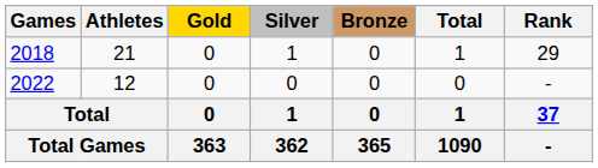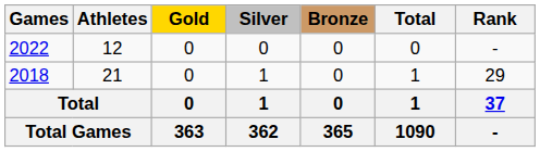 <table class="wikitable" style="text-align:center; font-size:90%;">
 <tr>
 <th>Games</th>
 <th>Athletes</th>
 <td style="background:gold; width:3.7em; font-weight:bold;">Gold</td>
 <td style="background:silver; width:3.7em; font-weight:bold;">Silver</td>
 <td style="background:#cc9966; width:3.7em; font-weight:bold;">Bronze</td>
 <th style="width:4em; font-weight:bold;">Total</th>
 <th style="width:4em; font-weight:bold;">Rank</th>
 </tr>
 <tr>
+<td align=left> <a href='#'>2022</a></td>
+<td>12</td>
+<td>0</td>
+<td>0</td>
+<td>0</td>
+<td>0</td>
+<td>-</td>
+</tr>
+<tr>
 <td align=left> <a href='#'>2018</a></td>
 <td>21</td>
 <td>0</td>
 <td>1</td>
 <td>0</td>
 <td>1</td>
 <td>29</td>
-</tr>
-<tr>
-<td align=left> <a href='#'>2022</a></td>
-<td>12</td>
-<td>0</td>
-<td>0</td>
-<td>0</td>
-<td>0</td>
-<td>-</td>
 </tr>
 <tr>
 <th colspan=2>Total</th>
 <th>0</th>
 <th>1</th>
 <th>0</th>
 <th>1</th>
 <th><a href='#'>37</a></th>
 </tr>
 <tr>
 <th colspan=2>Total Games</th>
 <th>363</th>
 <th>362</th>
 <th>365</th>
 <th>1090</th>
 <th>-</th>
 </tr>
 </table>
